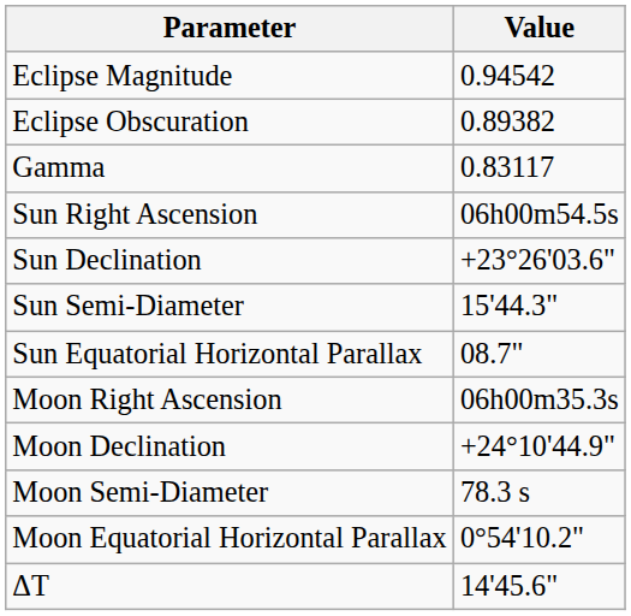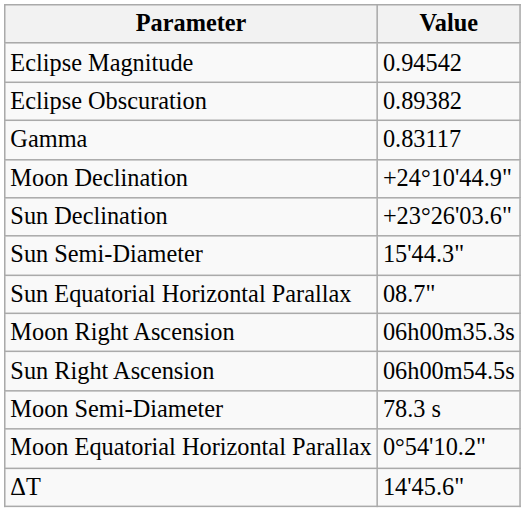 <table class="wikitable">
 <tr>
 <th>Parameter</th>
 <th>Value</th>
 </tr>
 <tr>
 <td>Eclipse Magnitude</td>
 <td>0.94542</td>
 </tr>
 <tr>
 <td>Eclipse Obscuration</td>
 <td>0.89382</td>
 </tr>
 <tr>
 <td>Gamma</td>
 <td>0.83117</td>
 </tr>
 <tr>
-<td>Sun Right Ascension</td>
-<td>06h00m54.5s</td>
+<td>Moon Declination</td>
+<td>+24°10'44.9"</td>
 </tr>
 <tr>
 <td>Sun Declination</td>
 <td>+23°26'03.6"</td>
 </tr>
 <tr>
 <td>Sun Semi-Diameter</td>
 <td>15'44.3"</td>
 </tr>
 <tr>
 <td>Sun Equatorial Horizontal Parallax</td>
 <td>08.7"</td>
 </tr>
 <tr>
 <td>Moon Right Ascension</td>
 <td>06h00m35.3s</td>
 </tr>
 <tr>
-<td>Moon Declination</td>
-<td>+24°10'44.9"</td>
+<td>Sun Right Ascension</td>
+<td>06h00m54.5s</td>
 </tr>
 <tr>
 <td>Moon Semi-Diameter</td>
 <td>78.3 s</td>
 </tr>
 <tr>
 <td>Moon Equatorial Horizontal Parallax</td>
 <td>0°54'10.2"</td>
 </tr>
 <tr>
 <td>ΔT</td>
 <td>14'45.6"</td>
 </tr>
 </table>
